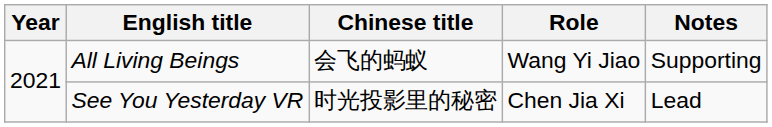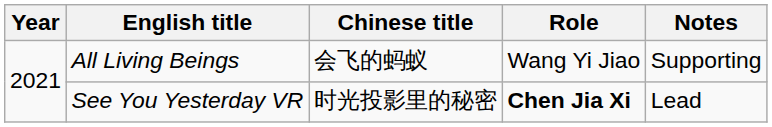 <table class="wikitable sortable">
 <tr>
 <th>Year</th>
 <th>English title</th>
 <th>Chinese title</th>
 <th>Role</th>
 <th>Notes</th>
 </tr>
 <tr>
 <td rowspan=2>2021</td>
 <td><em>All Living Beings</em></td>
 <td>会飞的蚂蚁</td>
 <td>Wang Yi Jiao</td>
 <td>Supporting</td>
 </tr>
 <tr>
 <td><em>See You Yesterday VR</em></td>
 <td>时光投影里的秘密</td>
-<td>Chen Jia Xi</td>
+<td><strong>Chen Jia Xi</strong></td>
 <td>Lead</td>
 </tr>
 </table>
